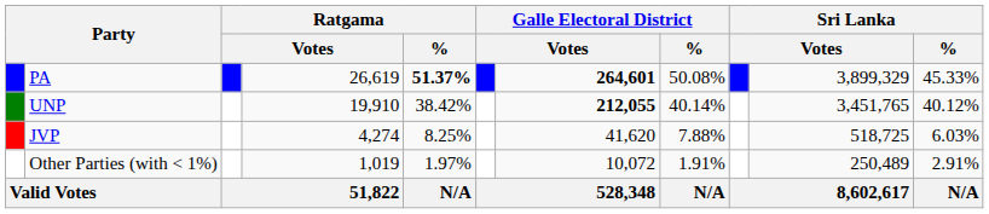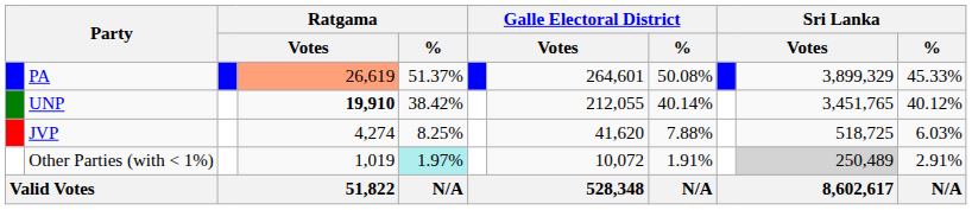 <table class="wikitable">
 <tr>
 <th colspan="2" width="144px"rowspan="2">Party</th>
 <th colspan="3" width="216px">Ratgama</th>
 <th colspan="3" width="216px"><a href='#'>Galle Electoral District</a></th>
 <th colspan="3" width="216px">Sri Lanka</th>
 </tr>
 <tr>
 <th colspan="2" width="144px">Votes</th>
 <th>%</th>
 <th colspan="2" width="144px">Votes</th>
 <th>%</th>
 <th colspan="2" width="144px">Votes</th>
 <th>%</th>
 </tr>
 <tr>
 <td style="background-color:blue;" width="10px"></td>
 <td style="text-align:left;"><a href='#'>PA</a></td>
 <td style="background-color:blue;" width="10px"></td>
-<td style="text-align:right;">26,619</td>
-<td style="text-align:right;"><strong>51.37%</strong></td>
+<td style="background: lightsalmon; text-align:right;">26,619</td>
+<td style="text-align:right;">51.37%</td>
 <td style="background-color:blue;" width="10px"></td>
-<td style="text-align:right;"><strong>264,601</strong></td>
+<td style="text-align:right;">264,601</td>
 <td style="text-align:right;">50.08%</td>
 <td style="background-color:blue;" width="10px"></td>
 <td style="text-align:right;">3,899,329</td>
 <td style="text-align:right;">45.33%</td>
 </tr>
 <tr>
 <td style="background-color:green;" width="10px"></td>
 <td style="text-align:left;"><a href='#'>UNP</a></td>
 <td style="background-color:white;" width="10px"></td>
-<td style="text-align:right;">19,910</td>
+<td style="text-align:right;"><strong>19,910</strong></td>
 <td style="text-align:right;">38.42%</td>
 <td style="background-color:white;" width="10px"></td>
-<td style="text-align:right;"><strong>212,055</strong></td>
+<td style="text-align:right;">212,055</td>
 <td style="text-align:right;">40.14%</td>
 <td style="background-color:white;" width="10px"></td>
 <td style="text-align:right;">3,451,765</td>
 <td style="text-align:right;">40.12%</td>
 </tr>
 <tr>
 <td style="background-color:red;" width="10px"></td>
 <td style="text-align:left;"><a href='#'>JVP</a></td>
 <td style="background-color:white;" width="10px"></td>
 <td style="text-align:right;">4,274</td>
 <td style="text-align:right;">8.25%</td>
 <td style="background-color:white;" width="10px"></td>
 <td style="text-align:right;">41,620</td>
 <td style="text-align:right;">7.88%</td>
 <td style="background-color:white;" width="10px"></td>
 <td style="text-align:right;">518,725</td>
 <td style="text-align:right;">6.03%</td>
 </tr>
 <tr>
 <td style="background-color:white;" width="10px"></td>
 <td style="text-align:left;">Other Parties (with < 1%)</td>
 <td style="background-color:white;" width="10px"></td>
 <td style="text-align:right;">1,019</td>
-<td style="text-align:right;">1.97%</td>
+<td style="background: paleturquoise; text-align:right;">1.97%</td>
 <td style="background-color:white;" width="10px"></td>
 <td style="text-align:right;">10,072</td>
 <td style="text-align:right;">1.91%</td>
 <td style="background-color:white;" width="10px"></td>
-<td style="text-align:right;">250,489</td>
+<td style="background: lightgrey; text-align:right;">250,489</td>
 <td style="text-align:right;">2.91%</td>
 </tr>
 <tr>
 <th colspan="2" width="144px"style="text-align:left;">Valid Votes</th>
 <th style="text-align:right;"colspan="2" width="144px">51,822</th>
 <th style="text-align:right;">N/A</th>
 <th style="text-align:right;"colspan="2" width="144px">528,348</th>
 <th style="text-align:right;">N/A</th>
 <th style="text-align:right;"colspan="2" width="144px">8,602,617</th>
 <th style="text-align:right;">N/A</th>
 </tr>
 </table>
